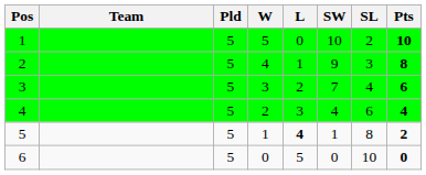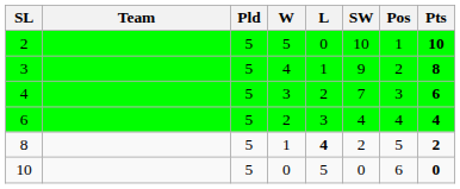 <table class="wikitable" style="text-align: center;">
 <tr>
-<th width="30">Pos</th>
+<th width="30">SL</th>
 <th width="180">Team</th>
 <th width="30">Pld</th>
 <th width="30">W</th>
 <th width="30">L</th>
 <th width="30">SW</th>
-<th width="30">SL</th>
+<th width="30">Pos</th>
 <th width="30">Pts</th>
 </tr>
 <tr bgcolor=#00FF00>
-<td>1</td>
+<td>2</td>
 <td align="left"></td>
 <td>5</td>
 <td>5</td>
 <td>0</td>
 <td>10</td>
-<td>2</td>
+<td>1</td>
 <td><strong>10</strong></td>
 </tr>
 <tr bgcolor=#00FF00>
-<td>2</td>
+<td>3</td>
 <td align="left"></td>
 <td>5</td>
 <td>4</td>
 <td>1</td>
 <td>9</td>
-<td>3</td>
+<td>2</td>
 <td><strong>8</strong></td>
 </tr>
 <tr bgcolor=#00FF00>
-<td>3</td>
+<td>4</td>
 <td align="left"></td>
 <td>5</td>
 <td>3</td>
 <td>2</td>
 <td>7</td>
-<td>4</td>
+<td>3</td>
 <td><strong>6</strong></td>
 </tr>
 <tr bgcolor=#00FF00>
-<td>4</td>
+<td>6</td>
 <td align="left"></td>
 <td>5</td>
 <td>2</td>
 <td>3</td>
 <td>4</td>
-<td>6</td>
+<td>4</td>
 <td><strong>4</strong></td>
 </tr>
 <tr>
-<td>5</td>
+<td>8</td>
 <td align="left"></td>
 <td>5</td>
 <td>1</td>
 <td><strong>4</strong></td>
-<td>1</td>
-<td>8</td>
+<td>2</td>
+<td>5</td>
 <td><strong>2</strong></td>
 </tr>
 <tr>
-<td>6</td>
+<td>10</td>
 <td align="left"></td>
 <td>5</td>
 <td>0</td>
 <td>5</td>
 <td>0</td>
-<td>10</td>
+<td>6</td>
 <td><strong>0</strong></td>
 </tr>
 </table>
